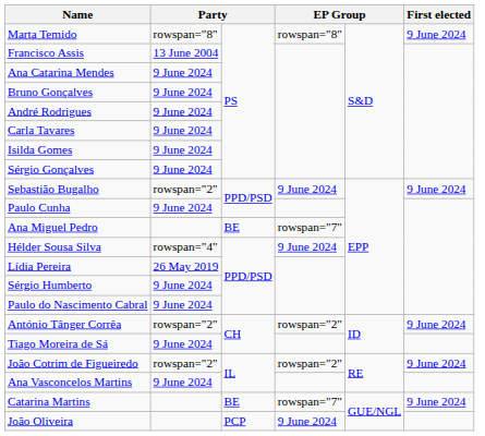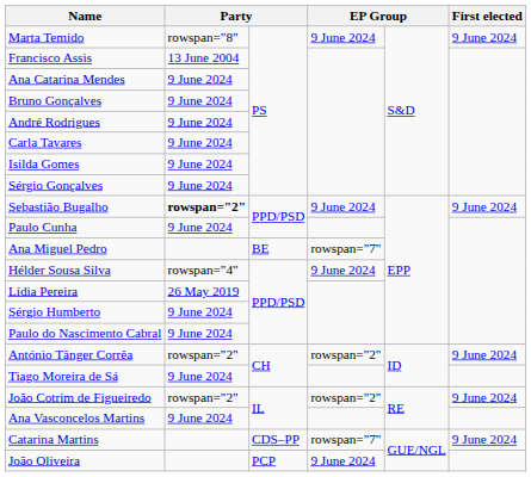 <table class="wikitable">
 <tr>
 <th>Name</th>
 <th colspan="2">Party</th>
 <th colspan="2">EP Group</th>
 <th>First elected</th>
 </tr>
 <tr>
 <td><a href='#'>Marta Temido</a></td>
 <td>rowspan="8" </td>
 <td rowspan="8"><a href='#'>PS</a></td>
-<td>rowspan="8" </td>
+<td><a href='#'>9 June 2024</a></td>
 <td rowspan="8"><a href='#'>S&D</a></td>
 <td><a href='#'>9 June 2024</a></td>
 </tr>
 <tr>
 <td><a href='#'>Francisco Assis</a></td>
 <td><a href='#'>13 June 2004</a></td>
 </tr>
 <tr>
 <td><a href='#'>Ana Catarina Mendes</a></td>
 <td><a href='#'>9 June 2024</a></td>
 </tr>
 <tr>
 <td><a href='#'>Bruno Gonçalves</a></td>
 <td><a href='#'>9 June 2024</a></td>
 </tr>
 <tr>
 <td><a href='#'>André Rodrigues</a></td>
 <td><a href='#'>9 June 2024</a></td>
 </tr>
 <tr>
 <td><a href='#'>Carla Tavares</a></td>
 <td><a href='#'>9 June 2024</a></td>
 </tr>
 <tr>
 <td><a href='#'>Isilda Gomes</a></td>
 <td><a href='#'>9 June 2024</a></td>
 </tr>
 <tr>
 <td><a href='#'>Sérgio Gonçalves</a></td>
 <td><a href='#'>9 June 2024</a></td>
 </tr>
 <tr>
 <td><a href='#'>Sebastião Bugalho</a></td>
-<td>rowspan="2" </td>
+<td><strong>rowspan="2" </strong></td>
 <td rowspan="2"><a href='#'>PPD/PSD</a></td>
 <td><a href='#'>9 June 2024</a></td>
 <td rowspan="7"><a href='#'>EPP</a></td>
 <td><a href='#'>9 June 2024</a></td>
 </tr>
 <tr>
 <td><a href='#'>Paulo Cunha</a></td>
 <td><a href='#'>9 June 2024</a></td>
 </tr>
 <tr>
 <td><a href='#'>Ana Miguel Pedro</a></td>
 <td></td>
 <td><a href='#'>BE</a></td>
 <td>rowspan="7" </td>
 </tr>
 <tr>
 <td><a href='#'>Hélder Sousa Silva</a></td>
 <td>rowspan="4" </td>
 <td rowspan="4"><a href='#'>PPD/PSD</a></td>
 <td><a href='#'>9 June 2024</a></td>
 </tr>
 <tr>
 <td><a href='#'>Lídia Pereira</a></td>
 <td><a href='#'>26 May 2019</a></td>
 </tr>
 <tr>
 <td><a href='#'>Sérgio Humberto</a></td>
 <td><a href='#'>9 June 2024</a></td>
 </tr>
 <tr>
 <td><a href='#'>Paulo do Nascimento Cabral</a></td>
 <td><a href='#'>9 June 2024</a></td>
 </tr>
 <tr>
 <td><a href='#'>António Tânger Corrêa</a></td>
 <td>rowspan="2" </td>
 <td rowspan="2"><a href='#'>CH</a></td>
 <td>rowspan="2" </td>
 <td rowspan="2"><a href='#'>ID</a></td>
 <td><a href='#'>9 June 2024</a></td>
 </tr>
 <tr>
 <td><a href='#'>Tiago Moreira de Sá</a></td>
 <td><a href='#'>9 June 2024</a></td>
 </tr>
 <tr>
 <td><a href='#'>João Cotrim de Figueiredo</a></td>
 <td>rowspan="2" </td>
 <td rowspan="2"><a href='#'>IL</a></td>
 <td>rowspan="2" </td>
 <td rowspan="2"><a href='#'>RE</a></td>
 <td><a href='#'>9 June 2024</a></td>
 </tr>
 <tr>
 <td><a href='#'>Ana Vasconcelos Martins</a></td>
 <td><a href='#'>9 June 2024</a></td>
 </tr>
 <tr>
 <td><a href='#'>Catarina Martins</a></td>
 <td></td>
-<td><a href='#'>BE</a></td>
+<td><a href='#'>CDS–PP</a></td>
 <td>rowspan="7" </td>
 <td rowspan="2"><a href='#'>GUE/NGL</a></td>
 <td><a href='#'>9 June 2024</a></td>
 </tr>
 <tr>
 <td><a href='#'>João Oliveira</a></td>
 <td></td>
 <td><a href='#'>PCP</a></td>
 <td><a href='#'>9 June 2024</a></td>
 </tr>
 </table>
